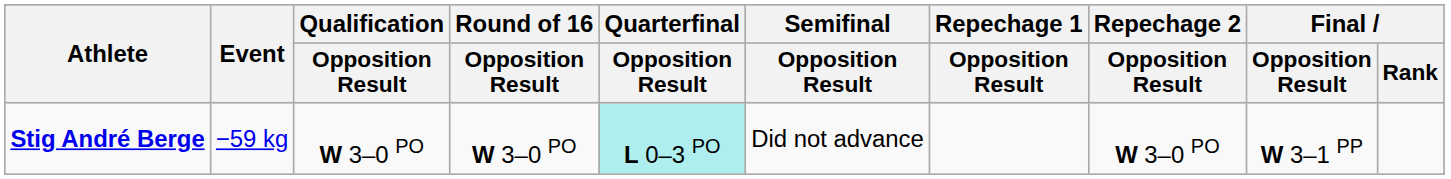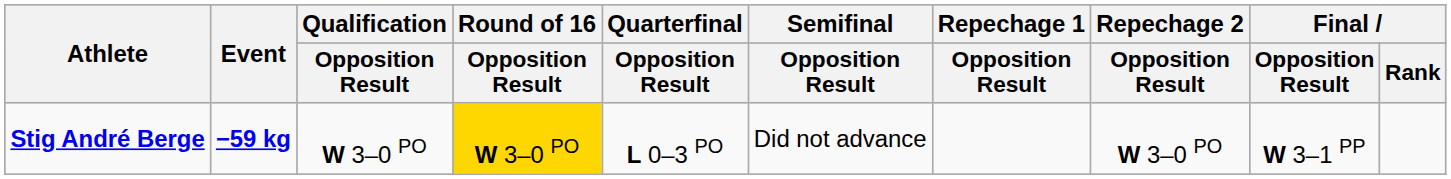 <table class="wikitable" style="font-size:90%">
 <tr>
 <th rowspan=2>Athlete</th>
 <th rowspan=2>Event</th>
 <th>Qualification</th>
 <th>Round of 16</th>
 <th>Quarterfinal</th>
 <th>Semifinal</th>
 <th>Repechage 1</th>
 <th>Repechage 2</th>
 <th colspan=2>Final / </th>
 </tr>
 <tr style="font-size: 95%">
 <th>Opposition<br>Result</th>
 <th>Opposition<br>Result</th>
 <th>Opposition<br>Result</th>
 <th>Opposition<br>Result</th>
 <th>Opposition<br>Result</th>
 <th>Opposition<br>Result</th>
 <th>Opposition<br>Result</th>
 <th>Rank</th>
 </tr>
 <tr align=center>
 <td align=left><strong><a href='#'>Stig André Berge</a></strong></td>
-<td align=left><a href='#'>−59 kg</a></td>
+<td align=left><strong><a href='#'>−59 kg</a></strong></td>
 <td><br><strong>W</strong> 3–0 <sup>PO</sup></td>
-<td><br><strong>W</strong> 3–0 <sup>PO</sup></td>
-<td style="background: paleturquoise;"><br><strong>L</strong> 0–3 <sup>PO</sup></td>
+<td style="background: gold;"><br><strong>W</strong> 3–0 <sup>PO</sup></td>
+<td><br><strong>L</strong> 0–3 <sup>PO</sup></td>
 <td>Did not advance</td>
 <td></td>
 <td><br><strong>W</strong> 3–0 <sup>PO</sup></td>
 <td><br><strong>W</strong> 3–1 <sup>PP</sup></td>
 <td></td>
 </tr>
 </table>
